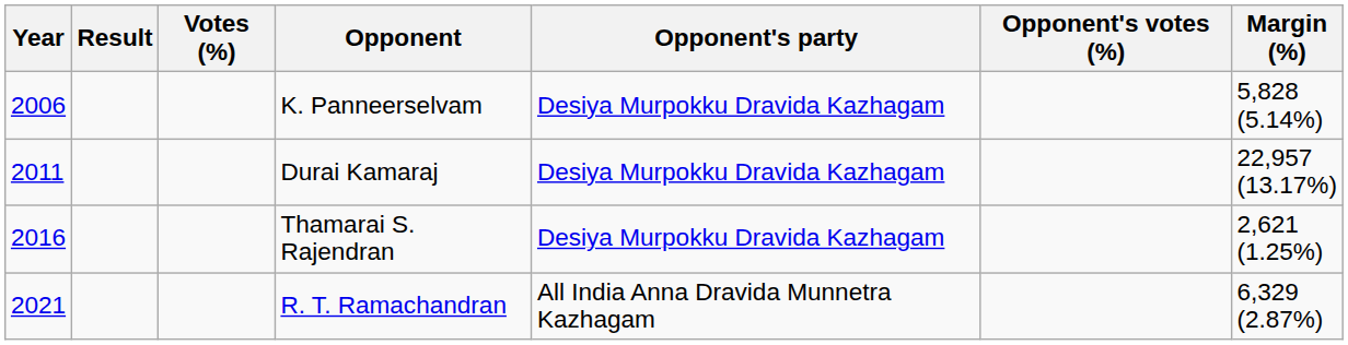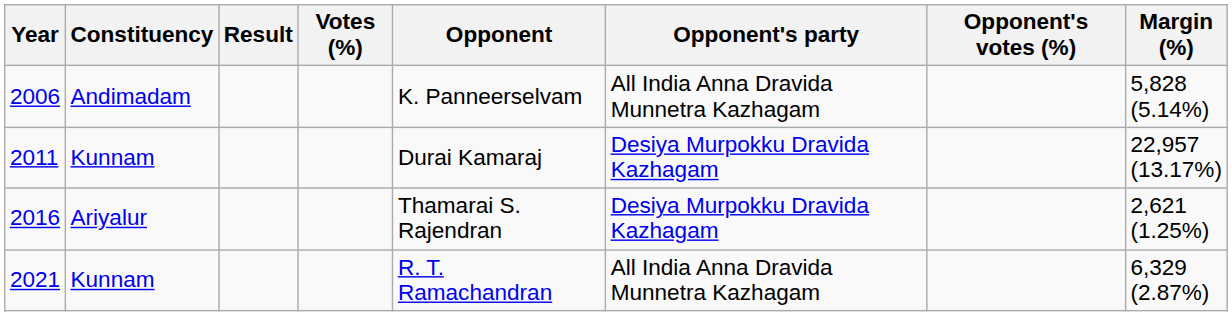 <table class="wikitable">
 <tr>
 <th>Year</th>
+<th>Constituency</th>
 <th>Result</th>
 <th>Votes (%)</th>
 <th>Opponent</th>
 <th>Opponent's party</th>
 <th>Opponent's votes (%)</th>
 <th>Margin<br>(%)</th>
 </tr>
 <tr>
 <td><a href='#'>2006</a></td>
+<td><a href='#'>Andimadam</a></td>
 <td></td>
 <td></td>
 <td>K. Panneerselvam</td>
-<td style="background: "><a href='#'>Desiya Murpokku Dravida Kazhagam</a></td>
+<td style="background: ">All India Anna Dravida Munnetra Kazhagam</td>
 <td></td>
 <td>5,828<br>(5.14%)</td>
 </tr>
 <tr>
 <td><a href='#'>2011</a></td>
+<td><a href='#'>Kunnam</a></td>
 <td></td>
 <td></td>
 <td>Durai Kamaraj</td>
 <td style="background: "><a href='#'>Desiya Murpokku Dravida Kazhagam</a></td>
 <td></td>
 <td>22,957<br>(13.17%)</td>
 </tr>
 <tr>
 <td><a href='#'>2016</a></td>
+<td><a href='#'>Ariyalur</a></td>
 <td></td>
 <td></td>
 <td>Thamarai S. Rajendran</td>
 <td style="background: "><a href='#'>Desiya Murpokku Dravida Kazhagam</a></td>
 <td></td>
 <td>2,621<br>(1.25%)</td>
 </tr>
 <tr>
 <td><a href='#'>2021</a></td>
+<td><a href='#'>Kunnam</a></td>
 <td></td>
 <td></td>
 <td><a href='#'>R. T. Ramachandran</a></td>
 <td style="background: ">All India Anna Dravida Munnetra Kazhagam</td>
 <td></td>
 <td>6,329<br>(2.87%)</td>
 </tr>
 </table>
